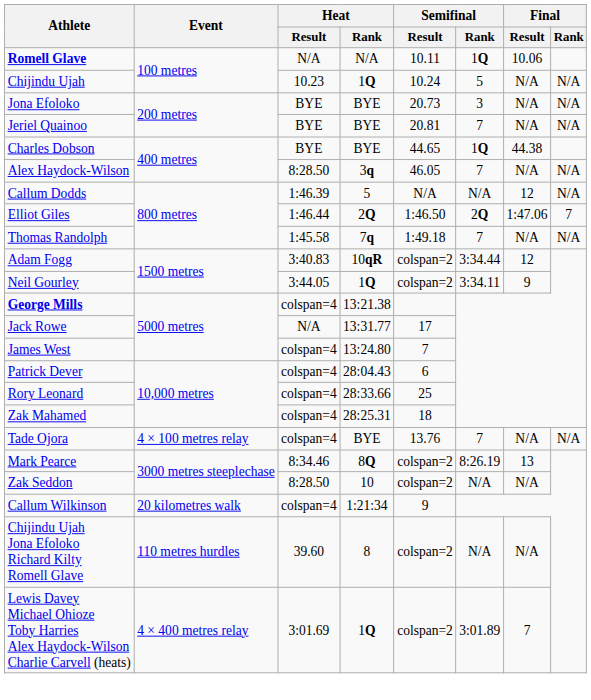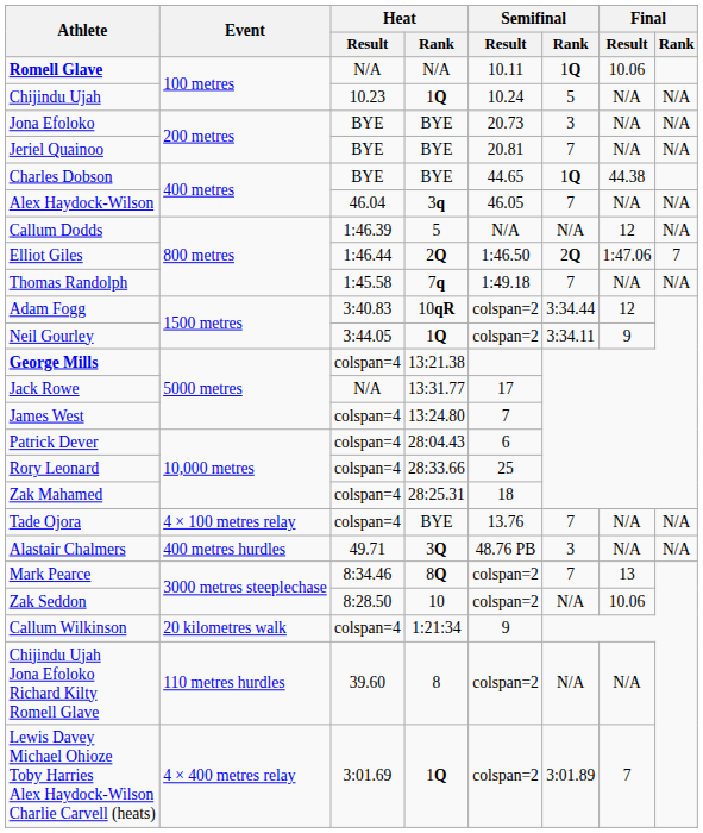 <table class=wikitable style=font-size:90%>
 <tr>
 <th rowspan=2>Athlete</th>
 <th rowspan=2>Event</th>
 <th colspan=2>Heat</th>
 <th colspan=2>Semifinal</th>
 <th colspan=2>Final</th>
 </tr>
 <tr style=font-size:95%>
 <th>Result</th>
 <th>Rank</th>
 <th>Result</th>
 <th>Rank</th>
 <th>Result</th>
 <th>Rank</th>
 </tr>
 <tr align=center>
 <td align=left><strong><a href='#'>Romell Glave</a></strong></td>
 <td align=left rowspan=2><a href='#'>100 metres</a></td>
 <td>N/A</td>
 <td>N/A</td>
 <td>10.11</td>
 <td>1<strong>Q</strong></td>
 <td>10.06</td>
 <td></td>
 </tr>
 <tr align=center>
 <td align=left><a href='#'>Chijindu Ujah</a></td>
 <td>10.23</td>
 <td>1<strong>Q</strong></td>
 <td>10.24</td>
 <td>5</td>
 <td>N/A</td>
 <td>N/A</td>
 </tr>
 <tr align=center>
 <td align=left><a href='#'>Jona Efoloko</a></td>
 <td align=left rowspan=2><a href='#'>200 metres</a></td>
 <td>BYE</td>
 <td>BYE</td>
 <td>20.73</td>
 <td>3</td>
 <td>N/A</td>
 <td>N/A</td>
 </tr>
 <tr align=center>
 <td align=left><a href='#'>Jeriel Quainoo</a></td>
 <td>BYE</td>
 <td>BYE</td>
 <td>20.81</td>
 <td>7</td>
 <td>N/A</td>
 <td>N/A</td>
 </tr>
 <tr align=center>
 <td align=left><a href='#'>Charles Dobson</a></td>
 <td rowspan="2" align="left"><a href='#'>400 metres</a></td>
 <td>BYE</td>
 <td>BYE</td>
 <td>44.65</td>
 <td>1<strong>Q</strong></td>
 <td>44.38</td>
 <td></td>
 </tr>
 <tr align=center>
 <td align=left><a href='#'>Alex Haydock-Wilson</a></td>
-<td>8:28.50</td>
+<td>46.04</td>
 <td>3<strong>q</strong></td>
 <td>46.05</td>
 <td>7</td>
 <td>N/A</td>
 <td>N/A</td>
 </tr>
 <tr align=center>
 <td align=left><a href='#'>Callum Dodds</a></td>
 <td align=left rowspan=3><a href='#'>800 metres</a></td>
 <td>1:46.39</td>
 <td>5</td>
 <td>N/A</td>
 <td>N/A</td>
 <td>12</td>
 <td>N/A</td>
 </tr>
 <tr align=center>
 <td align=left><a href='#'>Elliot Giles</a></td>
 <td>1:46.44</td>
 <td>2<strong>Q</strong></td>
 <td>1:46.50</td>
 <td>2<strong>Q</strong></td>
 <td>1:47.06</td>
 <td>7</td>
 </tr>
 <tr align=center>
 <td align=left><a href='#'>Thomas Randolph</a></td>
 <td>1:45.58</td>
 <td>7<strong>q</strong></td>
 <td>1:49.18</td>
 <td>7</td>
 <td>N/A</td>
 <td>N/A</td>
 </tr>
 <tr align=center>
 <td align=left><a href='#'>Adam Fogg</a></td>
 <td align=left rowspan=2><a href='#'>1500 metres</a></td>
 <td>3:40.83</td>
 <td>10<strong>qR</strong></td>
 <td>colspan=2</td>
 <td>3:34.44</td>
 <td>12</td>
 </tr>
 <tr align=center>
 <td align=left><a href='#'>Neil Gourley</a></td>
 <td>3:44.05</td>
 <td>1<strong>Q</strong></td>
 <td>colspan=2</td>
 <td>3:34.11 </td>
 <td>9</td>
 </tr>
 <tr align=center>
 <td align=left><a href='#'><strong>George Mills</strong></a></td>
 <td align=left rowspan=3><a href='#'>5000 metres</a></td>
 <td>colspan=4</td>
 <td>13:21.38</td>
 <td></td>
 </tr>
 <tr align=center>
 <td align=left><a href='#'>Jack Rowe</a></td>
 <td>N/A</td>
 <td>13:31.77</td>
 <td>17</td>
 </tr>
 <tr align=center>
 <td align=left><a href='#'>James West</a></td>
 <td>colspan=4</td>
 <td>13:24.80</td>
 <td>7</td>
 </tr>
 <tr align=center>
 <td align=left><a href='#'>Patrick Dever</a></td>
 <td align=left rowspan=3><a href='#'>10,000 metres</a></td>
 <td>colspan=4</td>
 <td>28:04.43</td>
 <td>6</td>
 </tr>
 <tr align=center>
 <td align=left><a href='#'>Rory Leonard</a></td>
 <td>colspan=4</td>
 <td>28:33.66</td>
 <td>25</td>
 </tr>
 <tr align=center>
 <td align=left><a href='#'>Zak Mahamed</a></td>
 <td>colspan=4</td>
 <td>28:25.31</td>
 <td>18</td>
 </tr>
 <tr align=center>
 <td align=left><a href='#'>Tade Ojora</a></td>
 <td align=left><a href='#'>4 × 100 metres relay</a></td>
 <td>colspan=4</td>
 <td>BYE</td>
 <td>13.76</td>
 <td>7</td>
 <td>N/A</td>
 <td>N/A</td>
 </tr>
 <tr align=center>
+<td align=left><a href='#'>Alastair Chalmers</a></td>
+<td align=left><a href='#'>400 metres hurdles</a></td>
+<td>49.71</td>
+<td>3<strong>Q</strong></td>
+<td>48.76 PB</td>
+<td>3</td>
+<td>N/A</td>
+<td>N/A</td>
+</tr>
+<tr align=center>
 <td align=left><a href='#'>Mark Pearce</a></td>
 <td align=left rowspan=2><a href='#'>3000 metres steeplechase</a></td>
 <td>8:34.46</td>
 <td>8<strong>Q</strong></td>
 <td>colspan=2</td>
-<td>8:26.19</td>
+<td>7</td>
 <td>13</td>
 </tr>
 <tr align=center>
 <td align=left><a href='#'>Zak Seddon</a></td>
 <td>8:28.50</td>
 <td>10</td>
 <td>colspan=2</td>
 <td>N/A</td>
-<td>N/A</td>
+<td>10.06</td>
 </tr>
 <tr align=center>
 <td align=left><a href='#'>Callum Wilkinson</a></td>
 <td align=left><a href='#'>20 kilometres walk</a></td>
 <td>colspan=4</td>
 <td>1:21:34</td>
 <td>9</td>
 </tr>
 <tr align=center>
 <td align=left><a href='#'>Chijindu Ujah</a><br><a href='#'>Jona Efoloko</a><br><a href='#'>Richard Kilty</a><br><a href='#'>Romell Glave</a></td>
 <td align=left><a href='#'>110 metres hurdles</a></td>
 <td>39.60</td>
 <td>8</td>
 <td>colspan=2</td>
 <td>N/A</td>
 <td>N/A</td>
 </tr>
 <tr align=center>
 <td align=left><a href='#'>Lewis Davey</a><br><a href='#'>Michael Ohioze</a><br><a href='#'>Toby Harries</a><br><a href='#'>Alex Haydock-Wilson</a><br><a href='#'>Charlie Carvell</a> (heats)</td>
 <td align=left><a href='#'>4 × 400 metres relay</a></td>
 <td>3:01.69</td>
 <td>1<strong>Q</strong></td>
 <td>colspan=2</td>
 <td>3:01.89</td>
 <td>7</td>
 </tr>
 </table>
